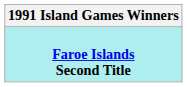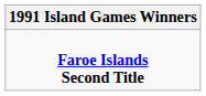 <table class="wikitable" style="text-align: center; margin: 0 auto;">
 <tr>
 <th>1991 Island Games Winners</th>
 </tr>
 <tr>
-<td style="background: paleturquoise;"><br><strong><a href='#'>Faroe Islands</a></strong><br><strong>Second Title</strong></td>
+<td><br><strong><a href='#'>Faroe Islands</a></strong><br><strong>Second Title</strong></td>
 </tr>
 </table>
